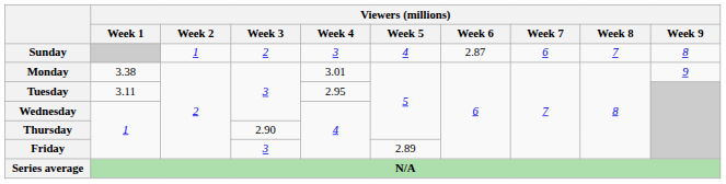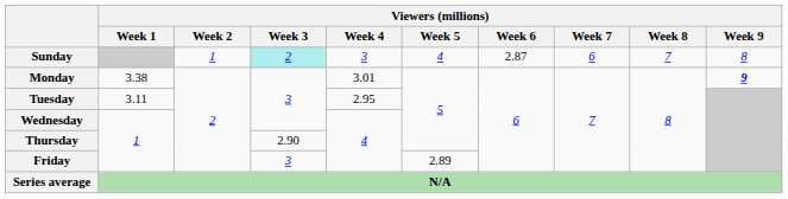 <table class="wikitable" style="font-size:90%; text-align:center; width: 100%; margin-left: auto; margin-right: auto;">
 <tr>
 <th scope="col" rowspan="2" style="width:12%;"></th>
 <th scope=col colspan=14>Viewers (millions)</th>
 </tr>
 <tr>
 <th>Week 1</th>
 <th>Week 2</th>
 <th>Week 3</th>
 <th>Week 4</th>
 <th>Week 5</th>
 <th>Week 6</th>
 <th>Week 7</th>
 <th>Week 8</th>
 <th>Week 9</th>
 </tr>
 <tr>
 <th>Sunday</th>
 <td bgcolor="#CCCCCC"></td>
 <td><em><a href='#'>1</a></em></td>
-<td><em><a href='#'>2</a></em></td>
+<td style="background: paleturquoise;"><em><a href='#'>2</a></em></td>
 <td><em><a href='#'>3</a></em></td>
 <td><em><a href='#'>4</a></em></td>
 <td>2.87</td>
 <td><em><a href='#'>6</a></em></td>
 <td><em><a href='#'>7</a></em></td>
 <td><em><a href='#'>8</a></em></td>
 </tr>
 <tr>
 <th>Monday</th>
 <td>3.38</td>
 <td rowspan="5"><em><a href='#'>2</a></em></td>
 <td rowspan="3"><em><a href='#'>3</a></em></td>
 <td>3.01</td>
 <td rowspan="4"><em><a href='#'>5</a></em></td>
 <td rowspan="5"><em><a href='#'>6</a></em></td>
 <td rowspan="5"><em><a href='#'>7</a></em></td>
 <td rowspan="5"><em><a href='#'>8</a></em></td>
-<td><em><a href='#'>9</a></em></td>
+<td><strong><em><a href='#'>9</a></em></strong></td>
 </tr>
 <tr>
 <th>Tuesday</th>
 <td>3.11</td>
 <td>2.95</td>
 <td bgcolor="#CCCCCC" rowspan=4></td>
 </tr>
 <tr>
 <th>Wednesday</th>
 <td rowspan="3"><em><a href='#'>1</a></em></td>
 <td rowspan="3"><em><a href='#'>4</a></em></td>
 </tr>
 <tr>
 <th>Thursday</th>
 <td>2.90</td>
 </tr>
 <tr>
 <th>Friday</th>
 <td><em><a href='#'>3</a></em></td>
 <td>2.89</td>
 </tr>
 <tr>
 <th>Series average</th>
 <td colspan="9" style="background:#ADDFAD;"><strong>N/A</strong></td>
 </tr>
 </table>
